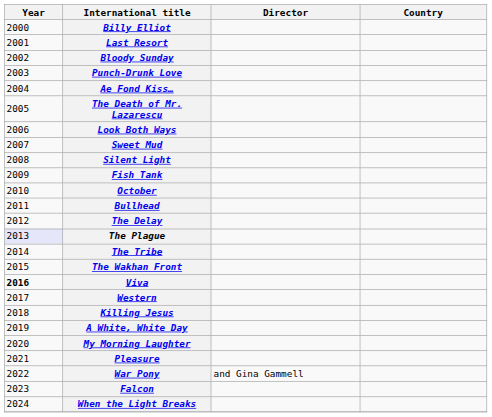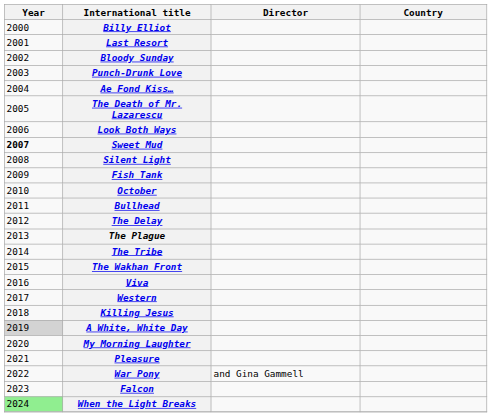 <table class="sortable wikitable plainrowheaders">
 <tr>
 <th scope="col" width=75>Year</th>
 <th scope="col" width=200>International title</th>
 <th scope="col" width=200>Director</th>
 <th scope="col" width=170>Country</th>
 </tr>
 <tr>
 <td align=left>2000 </td>
 <th scope=row><em><a href='#'>Billy Elliot</a></em></th>
 <td></td>
 <td></td>
 </tr>
 <tr>
 <td align=left>2001 </td>
 <th scope=row><em><a href='#'>Last Resort</a></em></th>
 <td></td>
 <td></td>
 </tr>
 <tr>
 <td align=left>2002 </td>
 <th scope=row><em><a href='#'>Bloody Sunday</a></em></th>
 <td></td>
 <td></td>
 </tr>
 <tr>
 <td align=left>2003 </td>
 <th scope=row><em><a href='#'>Punch-Drunk Love</a></em></th>
 <td></td>
 <td></td>
 </tr>
 <tr>
 <td align=left>2004 </td>
 <th scope=row><em><a href='#'>Ae Fond Kiss…</a></em></th>
 <td></td>
 <td></td>
 </tr>
 <tr>
 <td align=left>2005 </td>
 <th scope=row><em><a href='#'>The Death of Mr. Lazarescu</a></em></th>
 <td></td>
 <td></td>
 </tr>
 <tr>
 <td align=left>2006 </td>
 <th scope=row><em><a href='#'>Look Both Ways</a></em></th>
 <td></td>
 <td></td>
 </tr>
 <tr>
-<td align=left>2007 </td>
+<td align=left><strong>2007 </strong></td>
 <th scope=row><em><a href='#'>Sweet Mud</a></em></th>
 <td></td>
 <td></td>
 </tr>
 <tr>
 <td align=left>2008 </td>
 <th scope=row><em><a href='#'>Silent Light</a></em></th>
 <td></td>
 <td></td>
 </tr>
 <tr>
 <td align=left>2009 </td>
 <th scope=row><em><a href='#'>Fish Tank</a></em></th>
 <td></td>
 <td></td>
 </tr>
 <tr>
 <td align=left>2010 </td>
 <th scope=row><em><a href='#'>October</a></em></th>
 <td></td>
 <td></td>
 </tr>
 <tr>
 <td align=left>2011 </td>
 <th scope=row><em><a href='#'>Bullhead</a></em></th>
 <td></td>
 <td></td>
 </tr>
 <tr>
 <td align=left>2012 </td>
 <th scope=row><em><a href='#'>The Delay</a></em></th>
 <td></td>
 <td></td>
 </tr>
 <tr>
-<td align=left style="background: lavender;">2013 </td>
+<td align=left>2013 </td>
 <th scope=row><em>The Plague</em></th>
 <td></td>
 <td></td>
 </tr>
 <tr>
 <td align=left>2014 </td>
 <th scope=row><em><a href='#'>The Tribe</a></em></th>
 <td></td>
 <td></td>
 </tr>
 <tr>
 <td align=left>2015 </td>
 <th scope=row><em><a href='#'>The Wakhan Front</a></em></th>
 <td></td>
 <td></td>
 </tr>
 <tr>
-<td align=left><strong>2016 </strong></td>
+<td align=left>2016 </td>
 <th scope=row><em><a href='#'>Viva</a></em></th>
 <td></td>
 <td></td>
 </tr>
 <tr>
 <td align=left>2017 </td>
 <th scope=row><em><a href='#'>Western</a></em></th>
 <td></td>
 <td></td>
 </tr>
 <tr>
 <td align=left>2018 </td>
 <th scope=row><em><a href='#'>Killing Jesus</a></em></th>
 <td></td>
 <td></td>
 </tr>
 <tr>
-<td align=left>2019 </td>
+<td align=left style="background: lightgrey;">2019 </td>
 <th scope=row><em><a href='#'>A White, White Day</a></em></th>
 <td></td>
 <td></td>
 </tr>
 <tr>
 <td align=left>2020 </td>
 <th scope=row><em><a href='#'>My Morning Laughter</a></em></th>
 <td></td>
 <td></td>
 </tr>
 <tr>
 <td align=left>2021 </td>
 <th scope=row><em><a href='#'>Pleasure</a></em></th>
 <td></td>
 <td></td>
 </tr>
 <tr>
 <td align=left>2022 </td>
 <th scope=row><em><a href='#'>War Pony</a></em></th>
 <td> and Gina Gammell</td>
 <td></td>
 </tr>
 <tr>
 <td align=left>2023 </td>
 <th scope=row><em><a href='#'>Falcon</a></em></th>
 <td></td>
 <td></td>
 </tr>
 <tr>
-<td align=left>2024 </td>
+<td align=left style="background: lightgreen;">2024 </td>
 <th scope=row><em><a href='#'>When the Light Breaks</a></em></th>
 <td></td>
 <td></td>
 </tr>
 <tr>
 </tr>
 </table>
